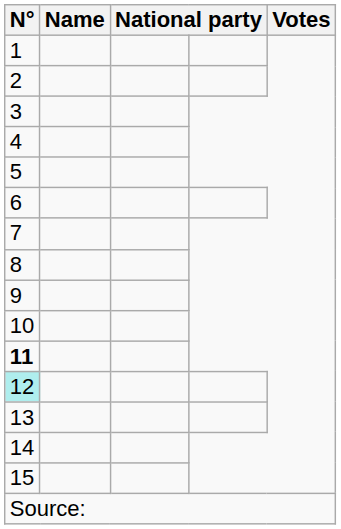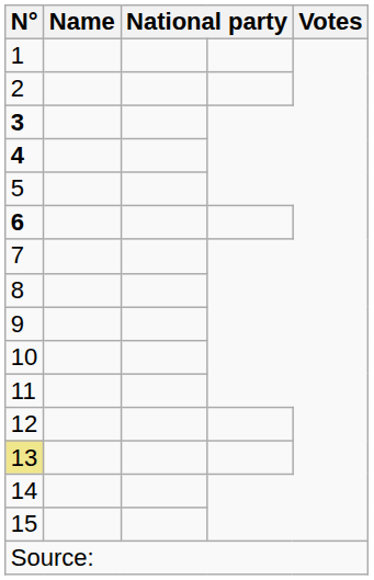 <table class="wikitable sortable" style="font-size:95%;line-height:14px;">
 <tr>
 <th>N°</th>
 <th>Name</th>
 <th colspan="2">National party</th>
 <th>Votes</th>
 </tr>
 <tr>
 <td>1</td>
 <td></td>
 <td></td>
 <td></td>
 </tr>
 <tr>
 <td>2</td>
 <td></td>
 <td></td>
 <td></td>
 </tr>
 <tr>
-<td>3</td>
+<td><strong>3</strong></td>
 <td></td>
 <td></td>
 </tr>
 <tr>
-<td>4</td>
+<td><strong>4</strong></td>
 <td></td>
 <td></td>
 </tr>
 <tr>
 <td>5</td>
 <td></td>
 <td></td>
 </tr>
 <tr>
-<td>6</td>
+<td><strong>6</strong></td>
 <td></td>
 <td></td>
 <td></td>
 </tr>
 <tr>
 <td>7</td>
 <td></td>
 <td></td>
 </tr>
 <tr>
 <td>8</td>
 <td></td>
 <td></td>
 </tr>
 <tr>
 <td>9</td>
 <td></td>
 <td></td>
 </tr>
 <tr>
 <td>10</td>
 <td></td>
 <td></td>
 </tr>
 <tr>
-<td><strong>11</strong></td>
+<td>11</td>
 <td></td>
 <td></td>
 </tr>
 <tr>
-<td style="background: paleturquoise;">12</td>
+<td>12</td>
 <td></td>
 <td></td>
 <td></td>
 </tr>
 <tr>
-<td>13</td>
+<td style="background: khaki;">13</td>
 <td></td>
 <td></td>
 <td></td>
 </tr>
 <tr>
 <td>14</td>
 <td></td>
 <td></td>
 </tr>
 <tr>
 <td>15</td>
 <td></td>
 <td></td>
 </tr>
 <tr>
 <td colspan="5">Source: </td>
 </tr>
 </table>
